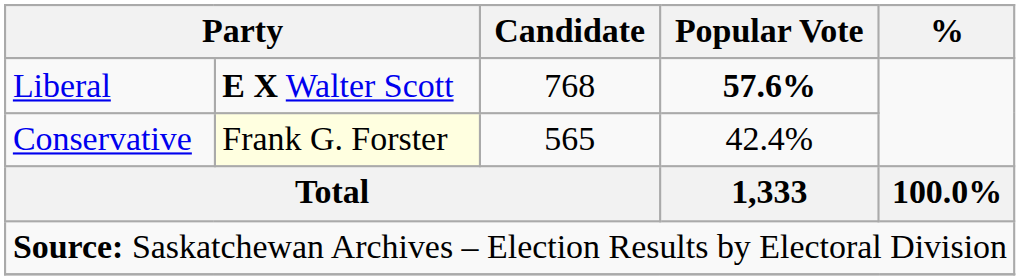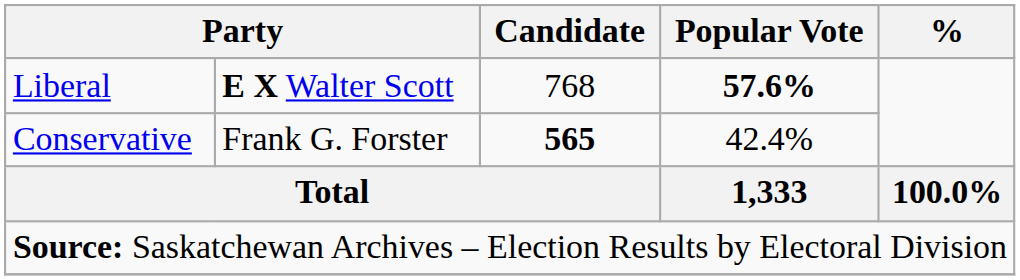 <table class="wikitable">
 <tr>
 <th colspan="2">Party</th>
 <th>Candidate</th>
 <th>Popular Vote</th>
 <th>%</th>
 </tr>
 <tr>
 <td><a href='#'>Liberal</a></td>
 <td><strong>E</strong> <strong>X</strong> <a href='#'>Walter Scott</a></td>
 <td align=center>768</td>
 <td align=center><strong>57.6%</strong></td>
 </tr>
 <tr>
 <td><a href='#'>Conservative</a></td>
-<td style="background: lightyellow;">Frank G. Forster</td>
-<td align=center>565</td>
+<td>Frank G. Forster</td>
+<td align=center><strong>565</strong></td>
 <td align=center>42.4%</td>
 </tr>
 <tr>
 <th colspan=3 align=center>Total</th>
 <th align=right>1,333</th>
 <th align=right>100.0%</th>
 </tr>
 <tr>
 <td align="center" colspan=5><strong>Source:</strong> Saskatchewan Archives – Election Results by Electoral Division</td>
 </tr>
 <tr>
 </tr>
 </table>
